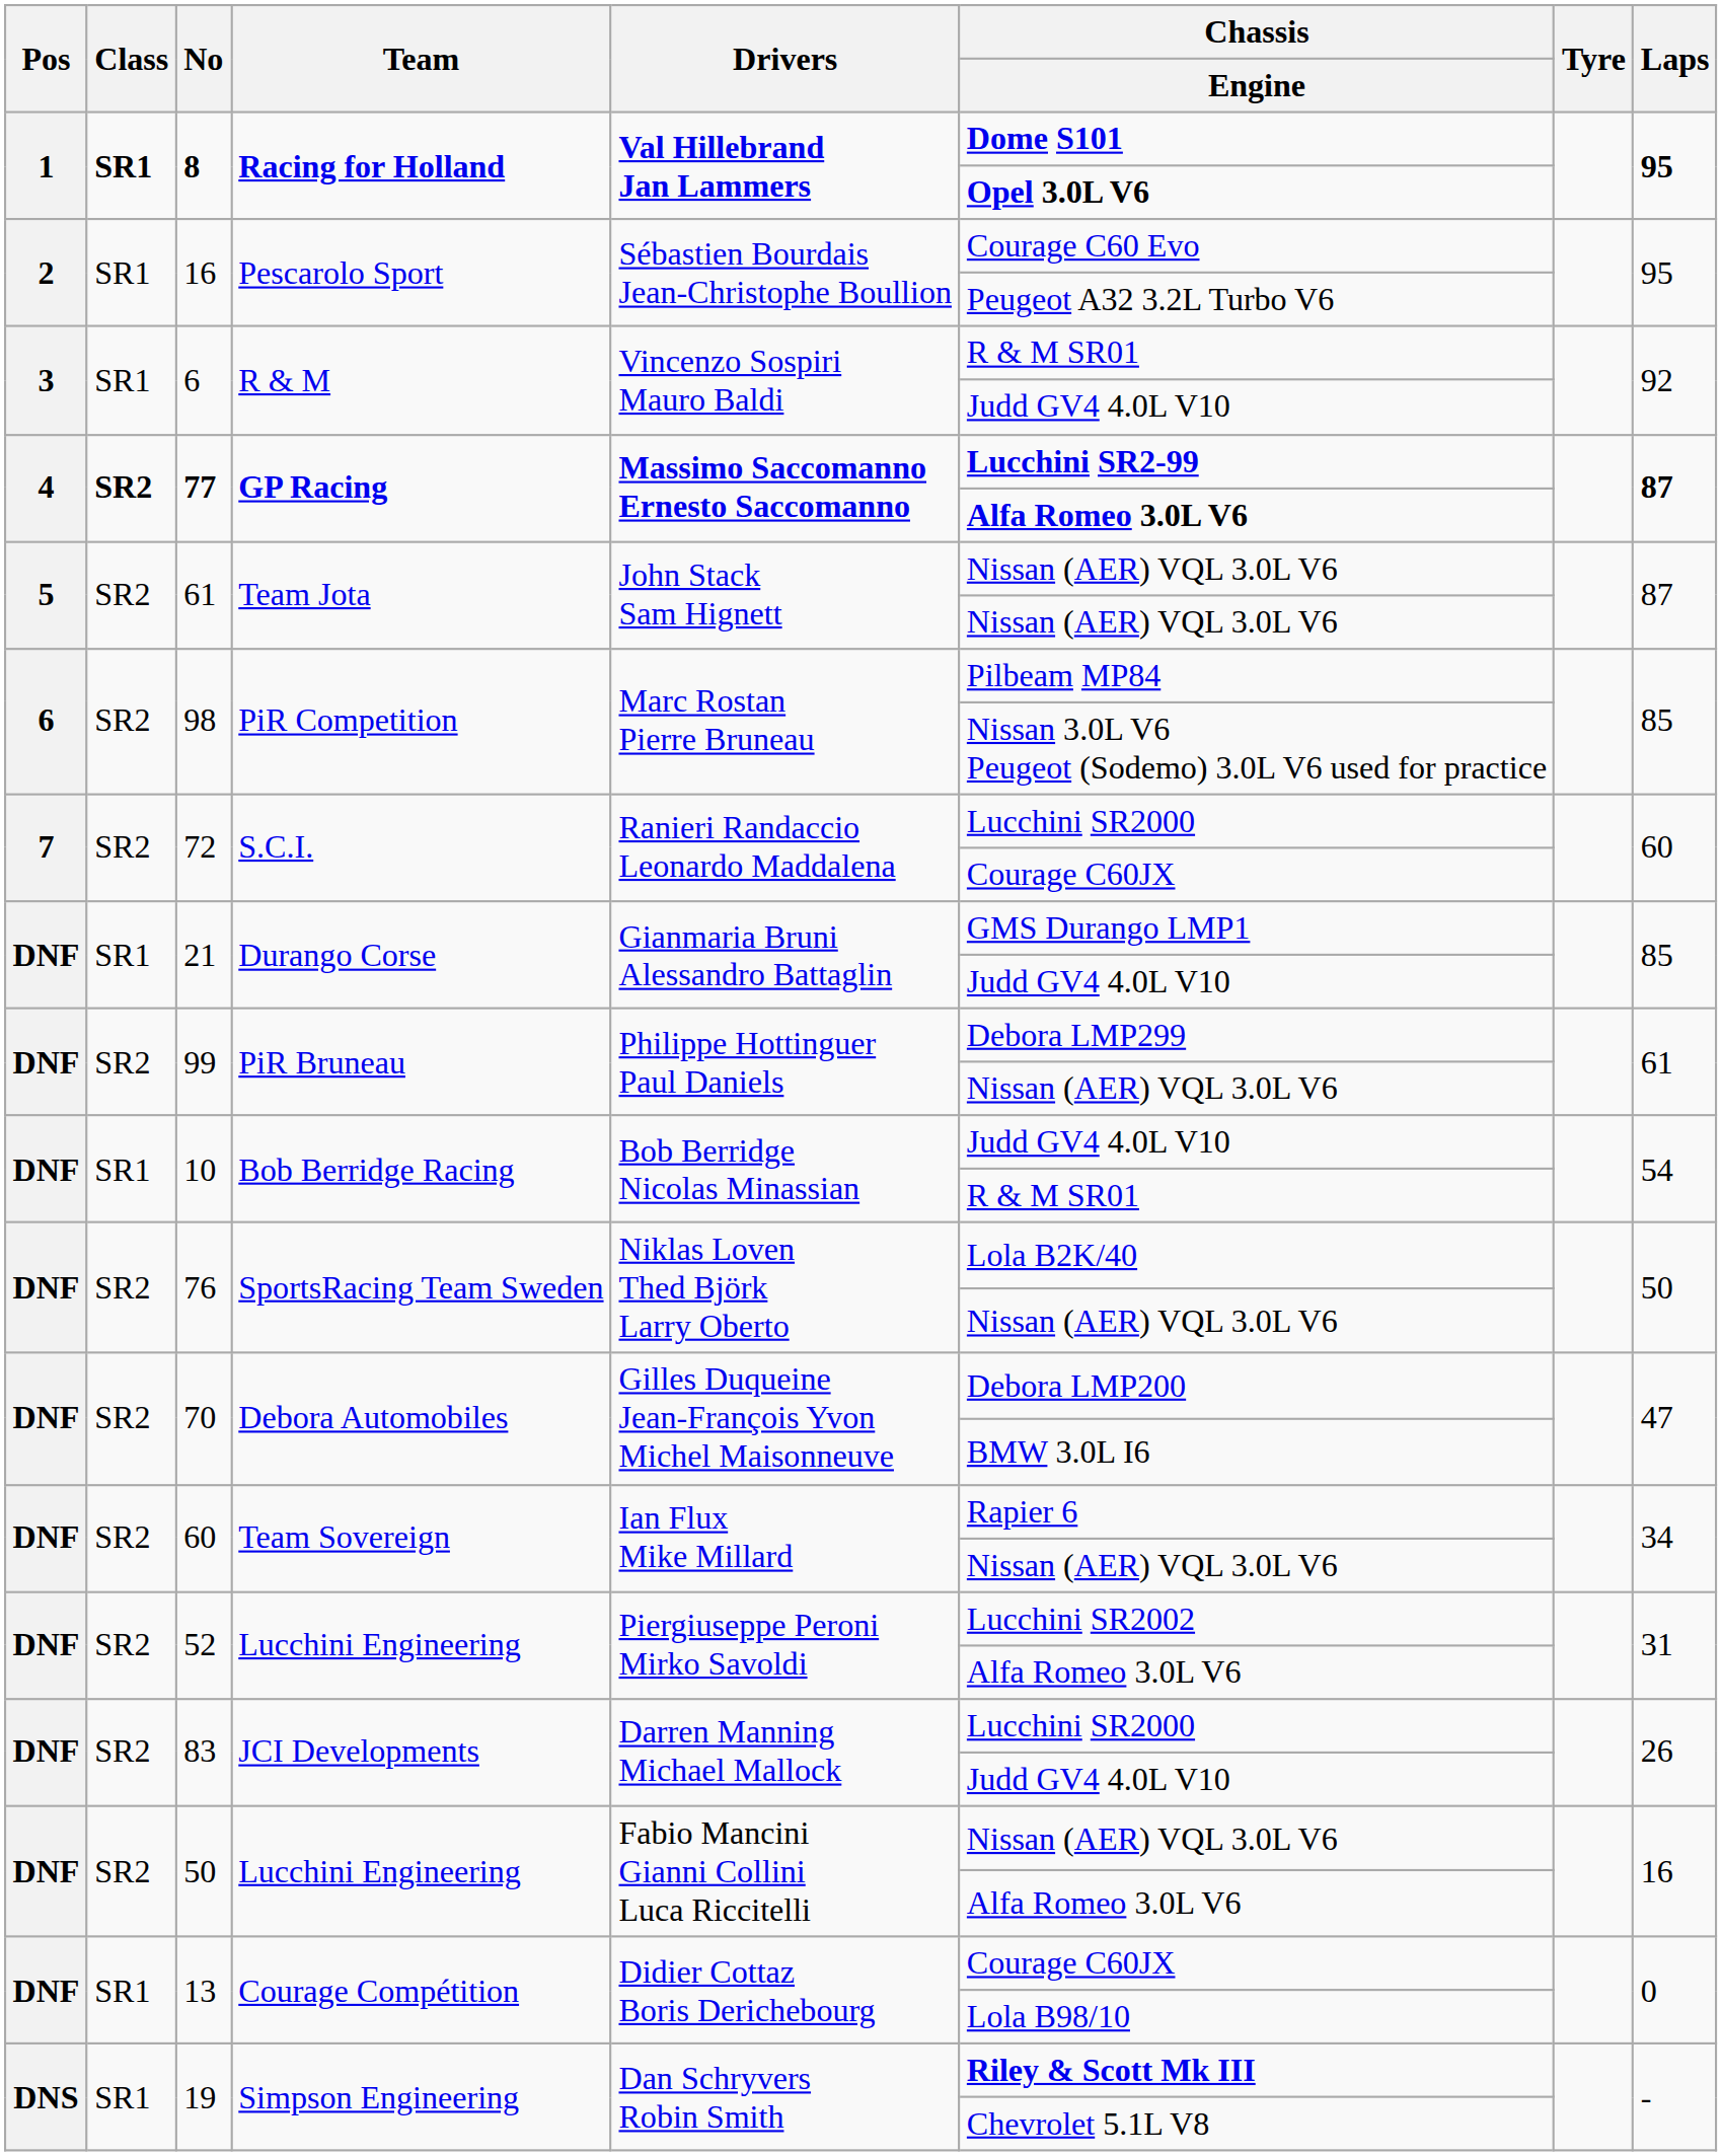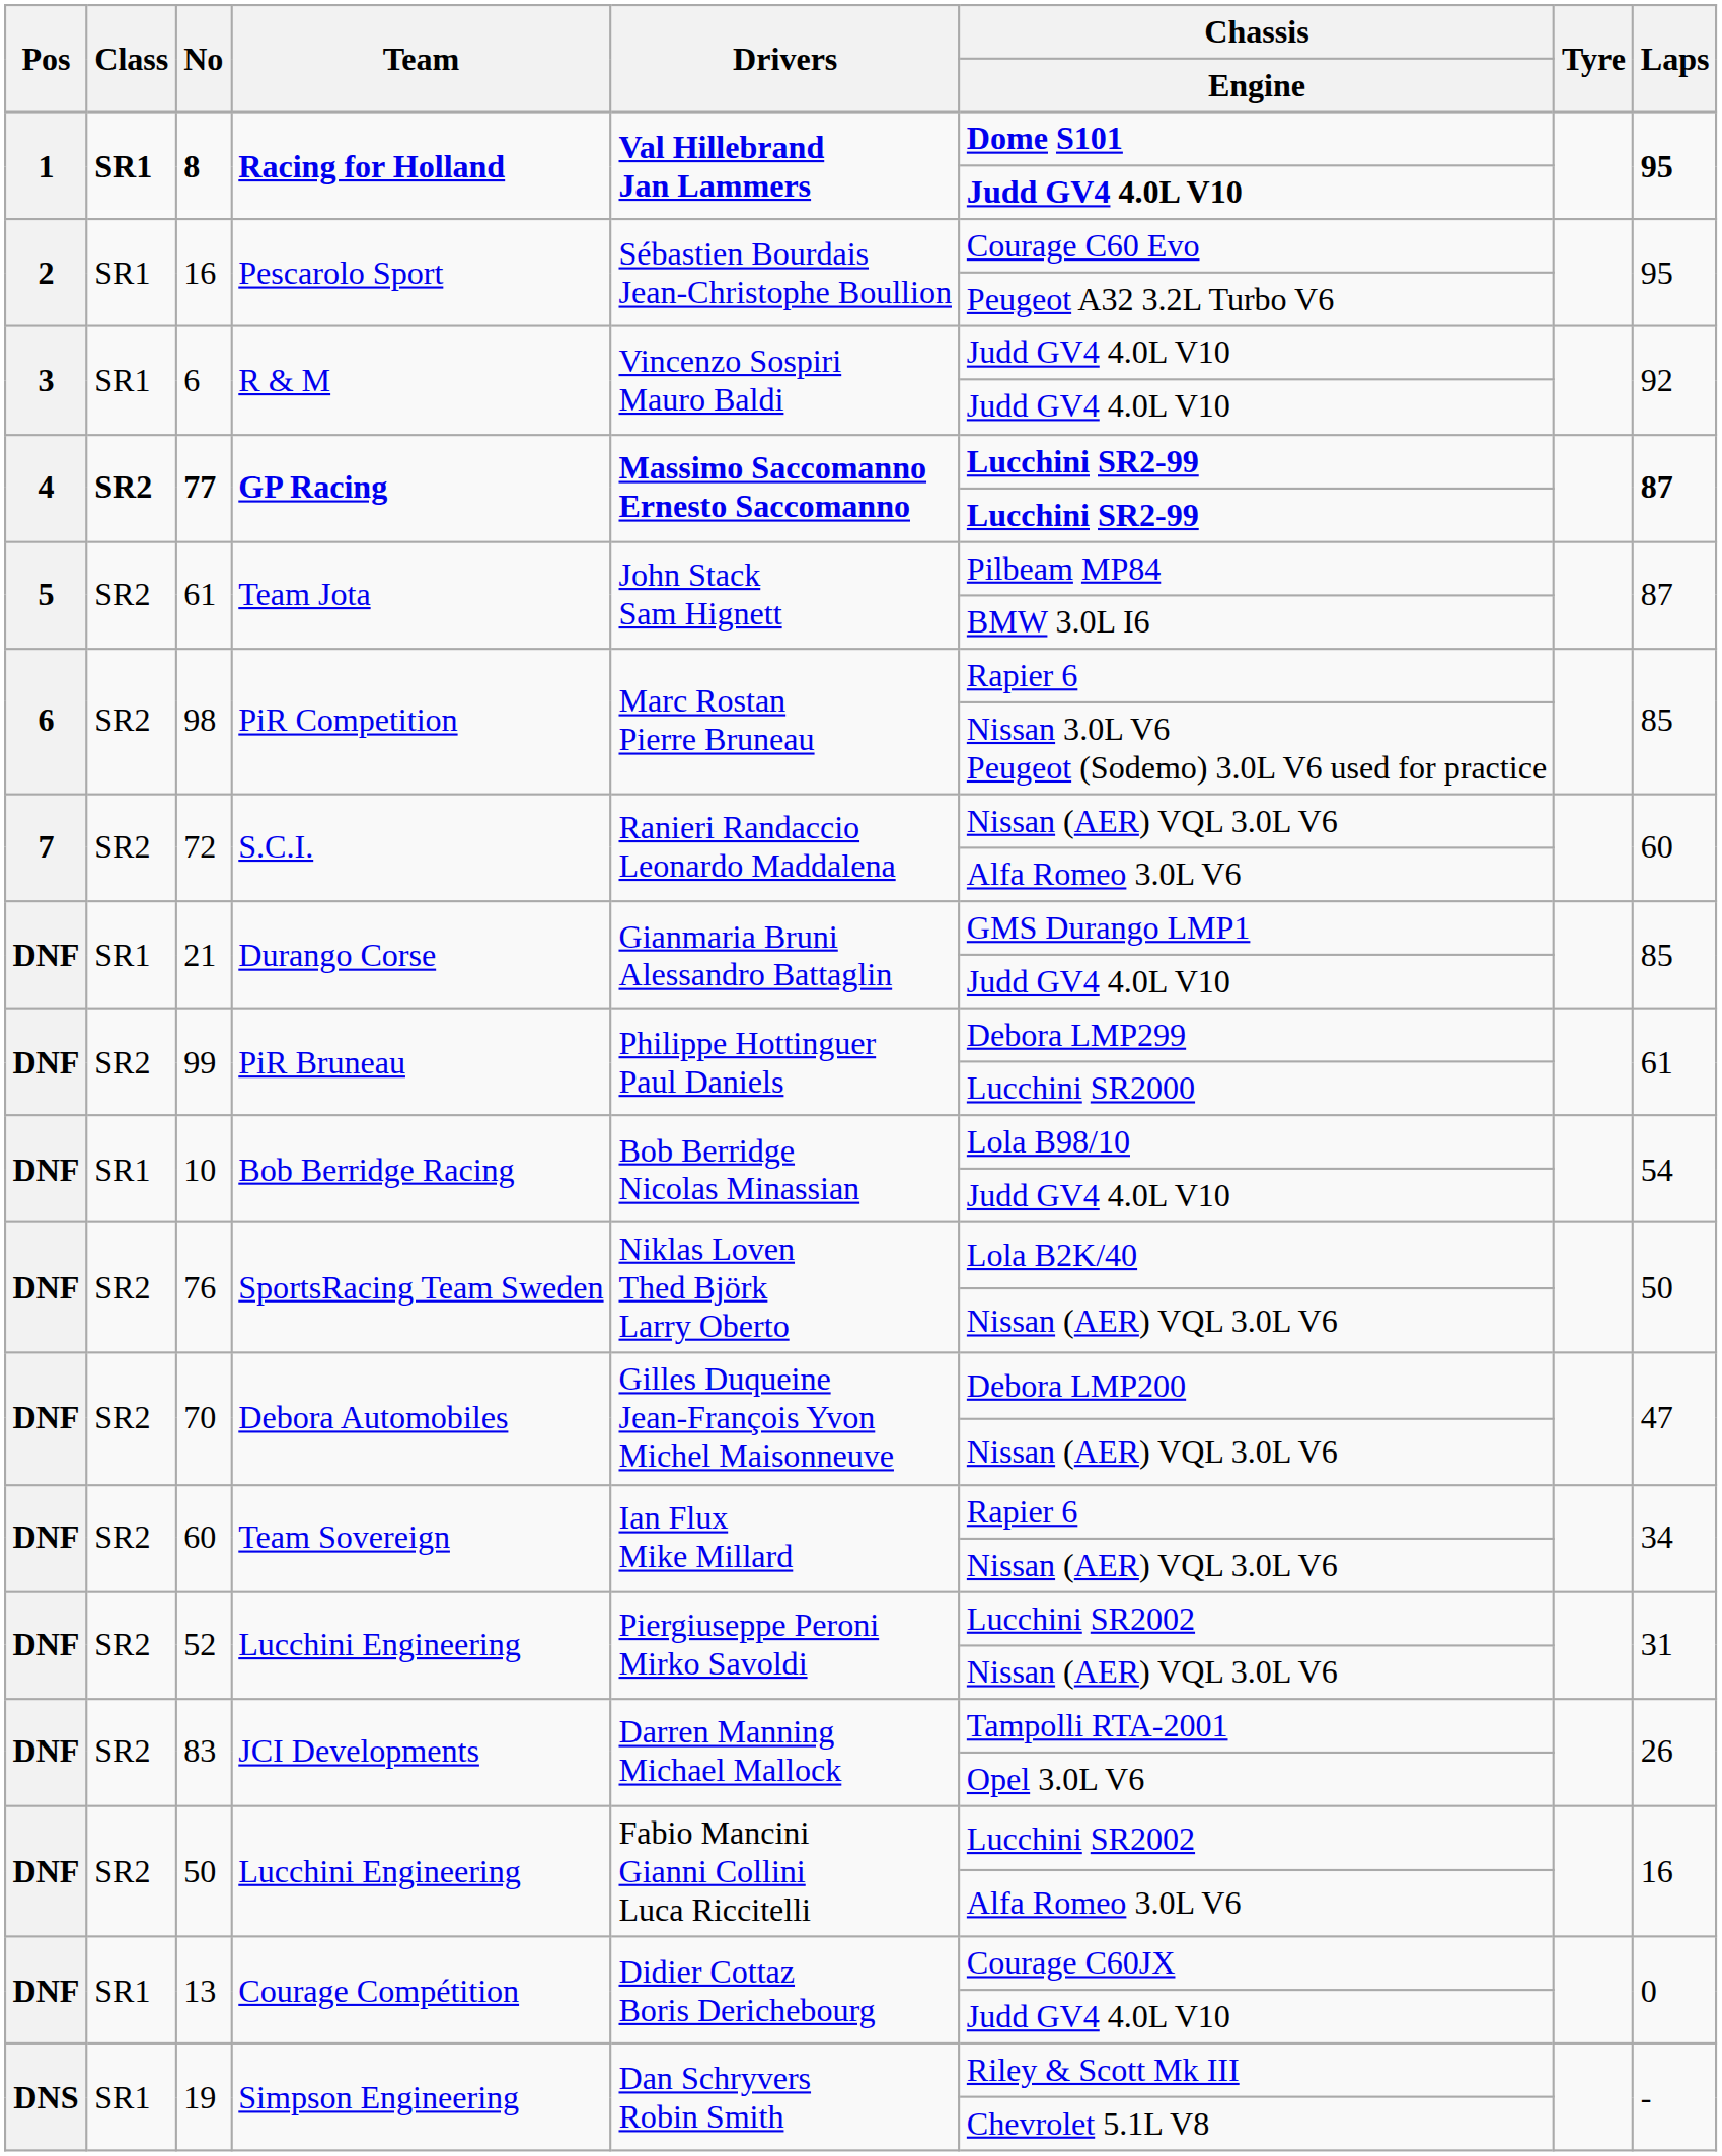 <table class="wikitable" style="font-size: 95%;">
 <tr>
 <th rowspan=2>Pos</th>
 <th rowspan=2>Class</th>
 <th rowspan=2>No</th>
 <th rowspan=2>Team</th>
 <th rowspan=2>Drivers</th>
 <th>Chassis</th>
 <th rowspan=2>Tyre</th>
 <th rowspan=2>Laps</th>
 </tr>
 <tr>
 <th>Engine</th>
 </tr>
 <tr style="font-weight:bold">
 <th rowspan=2>1</th>
 <td rowspan=2>SR1</td>
 <td rowspan=2>8</td>
 <td rowspan=2> <a href='#'>Racing for Holland</a></td>
 <td rowspan=2> <a href='#'>Val Hillebrand</a><br> <a href='#'>Jan Lammers</a></td>
 <td><a href='#'>Dome</a> <a href='#'>S101</a></td>
 <td rowspan=2></td>
 <td rowspan=2>95</td>
 </tr>
 <tr style="font-weight:bold">
-<td><a href='#'>Opel</a> 3.0L V6</td>
+<td><a href='#'>Judd GV4</a> 4.0L V10</td>
 </tr>
 <tr>
 <th rowspan=2>2</th>
 <td rowspan=2>SR1</td>
 <td rowspan=2>16</td>
 <td rowspan=2> <a href='#'>Pescarolo Sport</a></td>
 <td rowspan=2> <a href='#'>Sébastien Bourdais</a><br> <a href='#'>Jean-Christophe Boullion</a></td>
 <td><a href='#'>Courage C60 Evo</a></td>
 <td rowspan=2></td>
 <td rowspan=2>95</td>
 </tr>
 <tr>
 <td><a href='#'>Peugeot</a> A32 3.2L Turbo V6</td>
 </tr>
 <tr>
 <th rowspan=2>3</th>
 <td rowspan=2>SR1</td>
 <td rowspan=2>6</td>
 <td rowspan=2> <a href='#'>R & M</a></td>
 <td rowspan=2> <a href='#'>Vincenzo Sospiri</a><br> <a href='#'>Mauro Baldi</a></td>
-<td><a href='#'>R & M SR01</a></td>
+<td><a href='#'>Judd GV4</a> 4.0L V10</td>
 <td rowspan=2></td>
 <td rowspan=2>92</td>
 </tr>
 <tr>
 <td><a href='#'>Judd GV4</a> 4.0L V10</td>
 </tr>
 <tr style="font-weight:bold">
 <th rowspan=2>4</th>
 <td rowspan=2>SR2</td>
 <td rowspan=2>77</td>
 <td rowspan=2> <a href='#'>GP Racing</a></td>
 <td rowspan=2> <a href='#'>Massimo Saccomanno</a><br> <a href='#'>Ernesto Saccomanno</a></td>
 <td><a href='#'>Lucchini</a> <a href='#'>SR2-99</a></td>
 <td rowspan=2></td>
 <td rowspan=2>87</td>
 </tr>
 <tr style="font-weight:bold">
-<td><a href='#'>Alfa Romeo</a> 3.0L V6</td>
+<td><a href='#'>Lucchini</a> <a href='#'>SR2-99</a></td>
 </tr>
 <tr>
 <th rowspan=2>5</th>
 <td rowspan=2>SR2</td>
 <td rowspan=2>61</td>
 <td rowspan=2> <a href='#'>Team Jota</a></td>
 <td rowspan=2> <a href='#'>John Stack</a><br> <a href='#'>Sam Hignett</a></td>
-<td><a href='#'>Nissan</a> (<a href='#'>AER</a>) VQL 3.0L V6</td>
+<td><a href='#'>Pilbeam</a> <a href='#'>MP84</a></td>
 <td rowspan=2></td>
 <td rowspan=2>87</td>
 </tr>
 <tr>
-<td><a href='#'>Nissan</a> (<a href='#'>AER</a>) VQL 3.0L V6</td>
+<td><a href='#'>BMW</a> 3.0L I6</td>
 </tr>
 <tr>
 <th rowspan=2>6</th>
 <td rowspan=2>SR2</td>
 <td rowspan=2>98</td>
 <td rowspan=2> <a href='#'>PiR Competition</a></td>
 <td rowspan=2> <a href='#'>Marc Rostan</a><br> <a href='#'>Pierre Bruneau</a></td>
-<td><a href='#'>Pilbeam</a> <a href='#'>MP84</a></td>
+<td><a href='#'>Rapier 6</a></td>
 <td rowspan=2></td>
 <td rowspan=2>85</td>
 </tr>
 <tr>
 <td><a href='#'>Nissan</a> 3.0L V6<br><a href='#'>Peugeot</a> (Sodemo) 3.0L V6 used for practice</td>
 </tr>
 <tr>
 <th rowspan=2>7</th>
 <td rowspan=2>SR2</td>
 <td rowspan=2>72</td>
 <td rowspan=2> <a href='#'>S.C.I.</a></td>
 <td rowspan=2> <a href='#'>Ranieri Randaccio</a><br> <a href='#'>Leonardo Maddalena</a></td>
-<td><a href='#'>Lucchini</a> <a href='#'>SR2000</a></td>
+<td><a href='#'>Nissan</a> (<a href='#'>AER</a>) VQL 3.0L V6</td>
 <td rowspan=2></td>
 <td rowspan=2>60</td>
 </tr>
 <tr>
-<td><a href='#'>Courage C60JX</a></td>
+<td><a href='#'>Alfa Romeo</a> 3.0L V6</td>
 </tr>
 <tr>
 <th rowspan=2>DNF</th>
 <td rowspan=2>SR1</td>
 <td rowspan=2>21</td>
 <td rowspan=2> <a href='#'>Durango Corse</a></td>
 <td rowspan=2> <a href='#'>Gianmaria Bruni</a><br> <a href='#'>Alessandro Battaglin</a></td>
 <td><a href='#'>GMS Durango LMP1</a></td>
 <td rowspan=2></td>
 <td rowspan=2>85</td>
 </tr>
 <tr>
 <td><a href='#'>Judd GV4</a> 4.0L V10</td>
 </tr>
 <tr>
 <th rowspan=2>DNF</th>
 <td rowspan=2>SR2</td>
 <td rowspan=2>99</td>
 <td rowspan=2> <a href='#'>PiR Bruneau</a></td>
 <td rowspan=2> <a href='#'>Philippe Hottinguer</a><br> <a href='#'>Paul Daniels</a></td>
 <td><a href='#'>Debora LMP299</a></td>
 <td rowspan=2></td>
 <td rowspan=2>61</td>
 </tr>
 <tr>
-<td><a href='#'>Nissan</a> (<a href='#'>AER</a>) VQL 3.0L V6</td>
+<td><a href='#'>Lucchini</a> <a href='#'>SR2000</a></td>
 </tr>
 <tr>
 <th rowspan=2>DNF</th>
 <td rowspan=2>SR1</td>
 <td rowspan=2>10</td>
 <td rowspan=2> <a href='#'>Bob Berridge Racing</a></td>
 <td rowspan=2> <a href='#'>Bob Berridge</a><br> <a href='#'>Nicolas Minassian</a></td>
-<td><a href='#'>Judd GV4</a> 4.0L V10</td>
+<td><a href='#'>Lola B98/10</a></td>
 <td rowspan=2></td>
 <td rowspan=2>54</td>
 </tr>
 <tr>
-<td><a href='#'>R & M SR01</a></td>
+<td><a href='#'>Judd GV4</a> 4.0L V10</td>
 </tr>
 <tr>
 <th rowspan=2>DNF</th>
 <td rowspan=2>SR2</td>
 <td rowspan=2>76</td>
 <td rowspan=2> <a href='#'>SportsRacing Team Sweden</a></td>
 <td rowspan=2> <a href='#'>Niklas Loven</a><br> <a href='#'>Thed Björk</a><br> <a href='#'>Larry Oberto</a></td>
 <td><a href='#'>Lola B2K/40</a></td>
 <td rowspan=2></td>
 <td rowspan=2>50</td>
 </tr>
 <tr>
 <td><a href='#'>Nissan</a> (<a href='#'>AER</a>) VQL 3.0L V6</td>
 </tr>
 <tr>
 <th rowspan=2>DNF</th>
 <td rowspan=2>SR2</td>
 <td rowspan=2>70</td>
 <td rowspan=2> <a href='#'>Debora Automobiles</a></td>
 <td rowspan=2> <a href='#'>Gilles Duqueine</a><br> <a href='#'>Jean-François Yvon</a><br> <a href='#'>Michel Maisonneuve</a></td>
 <td><a href='#'>Debora LMP200</a></td>
 <td rowspan=2></td>
 <td rowspan=2>47</td>
 </tr>
 <tr>
-<td><a href='#'>BMW</a> 3.0L I6</td>
+<td><a href='#'>Nissan</a> (<a href='#'>AER</a>) VQL 3.0L V6</td>
 </tr>
 <tr>
 <th rowspan=2>DNF</th>
 <td rowspan=2>SR2</td>
 <td rowspan=2>60</td>
 <td rowspan=2> <a href='#'>Team Sovereign</a></td>
 <td rowspan=2> <a href='#'>Ian Flux</a><br> <a href='#'>Mike Millard</a></td>
 <td><a href='#'>Rapier 6</a></td>
 <td rowspan=2></td>
 <td rowspan=2>34</td>
 </tr>
 <tr>
 <td><a href='#'>Nissan</a> (<a href='#'>AER</a>) VQL 3.0L V6</td>
 </tr>
 <tr>
 <th rowspan=2>DNF</th>
 <td rowspan=2>SR2</td>
 <td rowspan=2>52</td>
 <td rowspan=2> <a href='#'>Lucchini Engineering</a></td>
 <td rowspan=2> <a href='#'>Piergiuseppe Peroni</a><br> <a href='#'>Mirko Savoldi</a></td>
 <td><a href='#'>Lucchini</a> <a href='#'>SR2002</a></td>
 <td rowspan=2></td>
 <td rowspan=2>31</td>
 </tr>
 <tr>
-<td><a href='#'>Alfa Romeo</a> 3.0L V6</td>
+<td><a href='#'>Nissan</a> (<a href='#'>AER</a>) VQL 3.0L V6</td>
 </tr>
 <tr>
 <th rowspan=2>DNF</th>
 <td rowspan=2>SR2</td>
 <td rowspan=2>83</td>
 <td rowspan=2> <a href='#'>JCI Developments</a></td>
 <td rowspan=2> <a href='#'>Darren Manning</a><br> <a href='#'>Michael Mallock</a></td>
-<td><a href='#'>Lucchini</a> <a href='#'>SR2000</a></td>
+<td><a href='#'>Tampolli RTA-2001</a></td>
 <td rowspan=2></td>
 <td rowspan=2>26</td>
 </tr>
 <tr>
-<td><a href='#'>Judd GV4</a> 4.0L V10</td>
+<td><a href='#'>Opel</a> 3.0L V6</td>
 </tr>
 <tr>
 <th rowspan=2>DNF</th>
 <td rowspan=2>SR2</td>
 <td rowspan=2>50</td>
 <td rowspan=2> <a href='#'>Lucchini Engineering</a></td>
 <td rowspan=2> Fabio Mancini<br> <a href='#'>Gianni Collini</a><br> Luca Riccitelli</td>
-<td><a href='#'>Nissan</a> (<a href='#'>AER</a>) VQL 3.0L V6</td>
+<td><a href='#'>Lucchini</a> <a href='#'>SR2002</a></td>
 <td rowspan=2></td>
 <td rowspan=2>16</td>
 </tr>
 <tr>
 <td><a href='#'>Alfa Romeo</a> 3.0L V6</td>
 </tr>
 <tr>
 <th rowspan=2>DNF</th>
 <td rowspan=2>SR1</td>
 <td rowspan=2>13</td>
 <td rowspan=2> <a href='#'>Courage Compétition</a></td>
 <td rowspan=2> <a href='#'>Didier Cottaz</a><br> <a href='#'>Boris Derichebourg</a></td>
 <td><a href='#'>Courage C60JX</a></td>
 <td rowspan=2></td>
 <td rowspan=2>0</td>
 </tr>
 <tr>
-<td><a href='#'>Lola B98/10</a></td>
+<td><a href='#'>Judd GV4</a> 4.0L V10</td>
 </tr>
 <tr>
 <th rowspan=2>DNS</th>
 <td rowspan=2>SR1</td>
 <td rowspan=2>19</td>
 <td rowspan=2> <a href='#'>Simpson Engineering</a></td>
 <td rowspan=2> <a href='#'>Dan Schryvers</a><br> <a href='#'>Robin Smith</a></td>
-<td><strong><a href='#'>Riley & Scott Mk III</a></strong></td>
+<td><a href='#'>Riley & Scott Mk III</a></td>
 <td rowspan=2></td>
 <td rowspan=2>-</td>
 </tr>
 <tr>
 <td><a href='#'>Chevrolet</a> 5.1L V8</td>
 </tr>
 </table>
